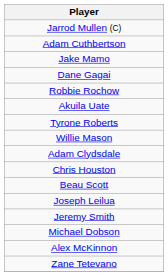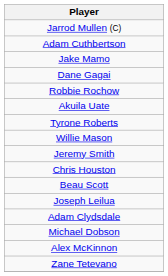 <table class="wikitable" style="text-align: center;">
 <tr>
 <th style="width:250px;">Player</th>
 </tr>
 <tr>
 <td><a href='#'>Jarrod Mullen</a> <small>(C)</small></td>
 </tr>
 <tr>
 <td><a href='#'>Adam Cuthbertson</a></td>
 </tr>
 <tr>
 <td><a href='#'>Jake Mamo</a></td>
 </tr>
 <tr>
 <td><a href='#'>Dane Gagai</a></td>
 </tr>
 <tr>
 <td><a href='#'>Robbie Rochow</a></td>
 </tr>
 <tr>
 <td><a href='#'>Akuila Uate</a></td>
 </tr>
 <tr>
 <td><a href='#'>Tyrone Roberts</a></td>
 </tr>
 <tr>
 <td><a href='#'>Willie Mason</a></td>
 </tr>
 <tr>
-<td><a href='#'>Adam Clydsdale</a></td>
+<td><a href='#'>Jeremy Smith</a></td>
 </tr>
 <tr>
 <td><a href='#'>Chris Houston</a></td>
 </tr>
 <tr>
 <td><a href='#'>Beau Scott</a></td>
 </tr>
 <tr>
 <td><a href='#'>Joseph Leilua</a></td>
 </tr>
 <tr>
-<td><a href='#'>Jeremy Smith</a></td>
+<td><a href='#'>Adam Clydsdale</a></td>
 </tr>
 <tr>
 <td><a href='#'>Michael Dobson</a></td>
 </tr>
 <tr>
 <td><a href='#'>Alex McKinnon</a></td>
 </tr>
 <tr>
 <td><a href='#'>Zane Tetevano</a></td>
 </tr>
 <tr>
 </tr>
 </table>
